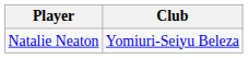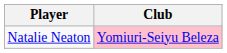 <table class="wikitable">
 <tr>
 <th>Player</th>
 <th>Club</th>
 </tr>
 <tr>
 <td> <a href='#'>Natalie Neaton</a></td>
-<td><a href='#'>Yomiuri-Seiyu Beleza</a></td>
+<td style="background: pink;"><a href='#'>Yomiuri-Seiyu Beleza</a></td>
 </tr>
 </table>
